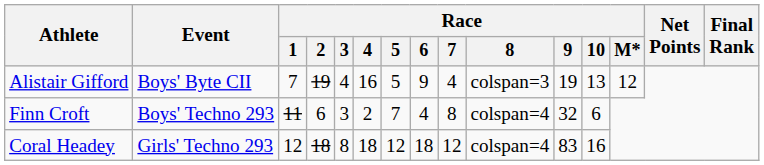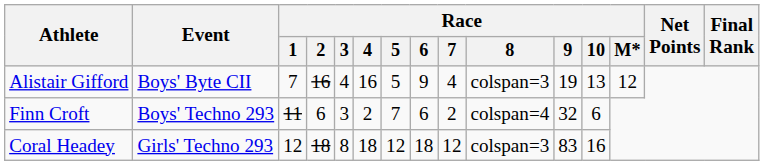 <table class="wikitable" style="font-size:90%">
 <tr>
 <th rowspan="2">Athlete</th>
 <th rowspan="2">Event</th>
 <th colspan=11>Race</th>
 <th rowspan=2>Net<br>Points</th>
 <th rowspan=2>Final <br>Rank</th>
 </tr>
 <tr style="font-size:95%">
 <th>1</th>
 <th>2</th>
 <th>3</th>
 <th>4</th>
 <th>5</th>
 <th>6</th>
 <th>7</th>
 <th>8</th>
 <th>9</th>
 <th>10</th>
 <th>M*</th>
 </tr>
 <tr align=center>
 <td align=left><a href='#'>Alistair Gifford</a></td>
 <td align=left><a href='#'>Boys' Byte CII</a></td>
 <td>7</td>
-<td><s>19</s></td>
+<td><s>16</s></td>
 <td>4</td>
 <td>16</td>
 <td>5</td>
 <td>9</td>
 <td>4</td>
 <td>colspan=3 </td>
 <td>19</td>
 <td>13</td>
 <td>12</td>
 </tr>
 <tr align=center>
 <td align=left><a href='#'>Finn Croft</a></td>
 <td align=left><a href='#'>Boys' Techno 293</a></td>
 <td><s>11</s></td>
 <td>6</td>
 <td>3</td>
 <td>2</td>
 <td>7</td>
-<td>4</td>
-<td>8</td>
+<td>6</td>
+<td>2</td>
 <td>colspan=4 </td>
 <td>32</td>
 <td>6</td>
 </tr>
 <tr align=center>
 <td align=left><a href='#'>Coral Headey</a></td>
 <td align=left><a href='#'>Girls' Techno 293</a></td>
 <td>12</td>
 <td><s>18</s></td>
 <td>8</td>
 <td>18</td>
 <td>12</td>
 <td>18</td>
 <td>12</td>
-<td>colspan=4 </td>
+<td>colspan=3 </td>
 <td>83</td>
 <td>16</td>
 </tr>
 </table>
